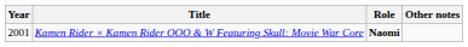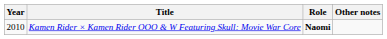 <table class="wikitable" style="font-size: 90%;">
 <tr>
 <th>Year</th>
 <th>Title</th>
 <th>Role</th>
 <th>Other notes</th>
 </tr>
 <tr>
-<td>2001</td>
+<td>2010</td>
 <td><em><a href='#'>Kamen Rider × Kamen Rider OOO & W Featuring Skull: Movie War Core</a></em></td>
 <td><strong>Naomi</strong></td>
 <td></td>
 </tr>
 </table>
